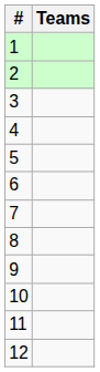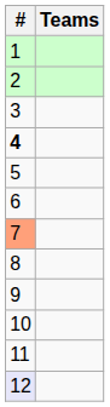 <table class="wikitable">
 <tr>
 <th>#</th>
 <th>Teams</th>
 </tr>
 <tr bgcolor=ccffcc>
 <td>1</td>
 <td></td>
 </tr>
 <tr bgcolor=ccffcc>
 <td>2</td>
 <td></td>
 </tr>
 <tr>
 <td>3</td>
 <td></td>
 </tr>
 <tr>
-<td>4</td>
+<td><strong>4</strong></td>
 <td></td>
 </tr>
 <tr>
 <td>5</td>
 <td></td>
 </tr>
 <tr>
 <td>6</td>
 <td></td>
 </tr>
 <tr>
-<td>7</td>
+<td style="background: lightsalmon;">7</td>
 <td></td>
 </tr>
 <tr>
 <td>8</td>
 <td></td>
 </tr>
 <tr>
 <td>9</td>
 <td></td>
 </tr>
 <tr>
 <td>10</td>
 <td></td>
 </tr>
 <tr>
 <td>11</td>
 <td></td>
 </tr>
 <tr>
-<td>12</td>
+<td style="background: lavender;">12</td>
 <td></td>
 </tr>
 </table>
